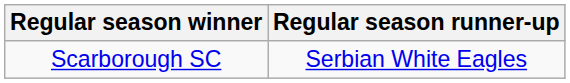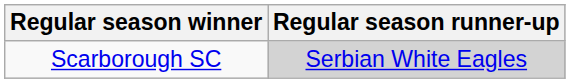 <table class="wikitable" style="text-align: center;">
 <tr>
 <th>Regular season winner</th>
 <th>Regular season runner-up</th>
 </tr>
 <tr>
 <td><a href='#'>Scarborough SC</a></td>
-<td><a href='#'>Serbian White Eagles</a></td>
+<td style="background: lightgrey;"><a href='#'>Serbian White Eagles</a></td>
 </tr>
 </table>
